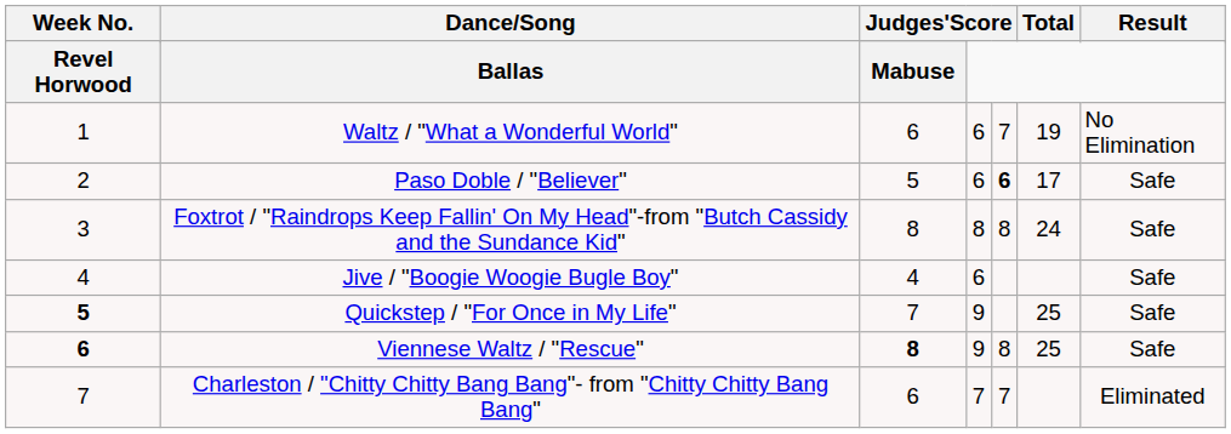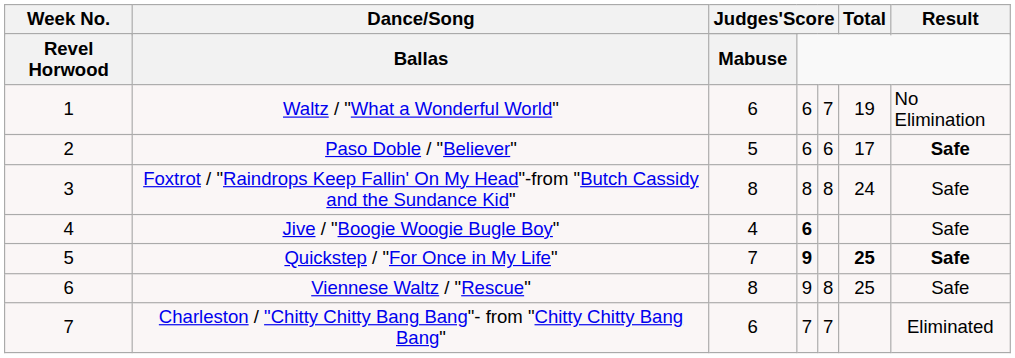 <table class="wikitable collapsible collapsed">
 <tr>
 <th rowspan="2" align="Center"><strong>Week No.</strong></th>
 <th rowspan="2" align="Center"><strong>Dance/Song</strong></th>
 <th colspan="3" align="Center"><strong>Judges'Score</strong></th>
 <th rowspan="2" align="Center"><strong>Total</strong></th>
 <th rowspan="2" align="Center"><strong>Result</strong></th>
 </tr>
 <tr>
 </tr>
 <tr>
 <th style= width="10%" align="Center">Revel Horwood</th>
 <th style= width="10%" align="Center">Ballas</th>
 <th style= width="10%" align="Center">Mabuse</th>
 </tr>
 <tr>
 <td style="text-align:center; background:#faf6f6;">1</td>
 <td style="text-align:center; background:#faf6f6;"><a href='#'>Waltz</a> / "<a href='#'>What a Wonderful World</a>"</td>
 <td style="text-align:center; background:#faf6f6;">6</td>
 <td style="text-align:center; background:#faf6f6;">6</td>
 <td style="text-align:center; background:#faf6f6;">7</td>
 <td style="text-align:center; background:#faf6f6;">19</td>
 <td style="text-align:centre; background:#faf6f6;">No Elimination</td>
 </tr>
 <tr>
 <td style="text-align:center; background:#faf6f6;">2</td>
 <td style="text-align:center; background:#faf6f6;"><a href='#'>Paso Doble</a> / "<a href='#'>Believer</a>"</td>
 <td style="text-align:center; background:#faf6f6;">5</td>
 <td style="text-align:center; background:#faf6f6;">6</td>
-<td style="text-align:center; background:#faf6f6;"><strong>6</strong></td>
+<td style="text-align:center; background:#faf6f6;">6</td>
 <td style="text-align:center; background:#faf6f6;">17</td>
-<td style="text-align:center; background:#faf6f6;">Safe</td>
+<td style="text-align:center; background:#faf6f6;"><strong>Safe</strong></td>
 </tr>
 <tr>
 <td style="text-align:center; background:#faf6f6;">3</td>
 <td style="text-align:center; background:#faf6f6;"><a href='#'>Foxtrot</a> / "<a href='#'>Raindrops Keep Fallin' On My Head</a>"-from "<a href='#'>Butch Cassidy and the Sundance Kid</a>"</td>
 <td style="text-align:center; background:#faf6f6;">8</td>
 <td style="text-align:center; background:#faf6f6;">8</td>
 <td style="text-align:center; background:#faf6f6;">8</td>
 <td style="text-align:center; background:#faf6f6;">24</td>
 <td style="text-align:center; background:#faf6f6;">Safe</td>
 </tr>
 <tr>
 <td style="text-align:center; background:#faf6f6;">4</td>
 <td style="text-align:center; background:#faf6f6;"><a href='#'>Jive</a> / "<a href='#'>Boogie Woogie Bugle Boy</a>"</td>
 <td style="text-align:center; background:#faf6f6;">4</td>
-<td style="text-align:center; background:#faf6f6;">6</td>
+<td style="text-align:center; background:#faf6f6;"><strong>6</strong></td>
 <td style="text-align:center; background:#faf6f6;"></td>
 <td style="text-align:center; background:#faf6f6;"></td>
 <td style="text-align:center; background:#faf6f6;">Safe</td>
 </tr>
 <tr>
-<td style="text-align:center; background:#faf6f6;"><strong>5</strong></td>
+<td style="text-align:center; background:#faf6f6;">5</td>
 <td style="text-align:center; background:#faf6f6;"><a href='#'>Quickstep</a> / "<a href='#'>For Once in My Life</a>"</td>
 <td style="text-align:center; background:#faf6f6;">7</td>
-<td style="text-align:center; background:#faf6f6;">9</td>
+<td style="text-align:center; background:#faf6f6;"><strong>9</strong></td>
 <td style="text-align:center; background:#faf6f6;"></td>
-<td style="text-align:center; background:#faf6f6;">25</td>
-<td style="text-align:center; background:#faf6f6;">Safe</td>
+<td style="text-align:center; background:#faf6f6;"><strong>25</strong></td>
+<td style="text-align:center; background:#faf6f6;"><strong>Safe</strong></td>
 </tr>
 <tr>
-<td style="text-align:center; background:#faf6f6;"><strong>6</strong></td>
+<td style="text-align:center; background:#faf6f6;">6</td>
 <td style="text-align:center; background:#faf6f6;"><a href='#'>Viennese Waltz</a> / "<a href='#'>Rescue</a>"</td>
-<td style="text-align:center; background:#faf6f6;"><strong>8</strong></td>
+<td style="text-align:center; background:#faf6f6;">8</td>
 <td style="text-align:center; background:#faf6f6;">9</td>
 <td style="text-align:center; background:#faf6f6;">8</td>
 <td style="text-align:center; background:#faf6f6;">25</td>
 <td style="text-align:center; background:#faf6f6;">Safe</td>
 </tr>
 <tr>
 <td style="text-align:center; background:#faf6f6;">7</td>
 <td style="text-align:center; background:#faf6f6;"><a href='#'>Charleston</a> / <a href='#'>"Chitty Chitty Bang Bang</a>"- from "<a href='#'>Chitty Chitty Bang Bang</a>"</td>
 <td style="text-align:center; background:#faf6f6;">6</td>
 <td style="text-align:center; background:#faf6f6;">7</td>
 <td style="text-align:center; background:#faf6f6;">7</td>
 <td style="text-align:center; background:#faf6f6;"></td>
 <td style="text-align:center; background:#faf6f6;">Eliminated</td>
 </tr>
 </table>
